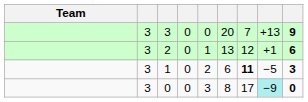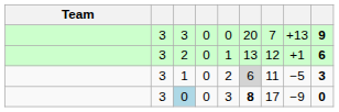 <table class="wikitable" style="text-align: center;">
 <tr>
 <th width="175">Team</th>
 <th width="20"></th>
 <th width="20"></th>
 <th width="20"></th>
 <th width="20"></th>
 <th width="20"></th>
 <th width="20"></th>
 <th width="20"></th>
 <th width="20"></th>
 </tr>
 <tr align=center bgcolor=#ccffcc>
 <td style="text-align:left;"></td>
 <td>3</td>
 <td>3</td>
 <td>0</td>
 <td>0</td>
 <td>20</td>
 <td>7</td>
 <td>+13</td>
 <td><strong>9</strong></td>
 </tr>
 <tr align=center bgcolor=#ccffcc>
 <td style="text-align:left;"></td>
 <td>3</td>
 <td>2</td>
 <td>0</td>
 <td>1</td>
 <td>13</td>
 <td>12</td>
 <td>+1</td>
 <td><strong>6</strong></td>
 </tr>
 <tr>
 <td style="text-align:left;"></td>
 <td>3</td>
 <td>1</td>
 <td>0</td>
 <td>2</td>
-<td>6</td>
-<td><strong>11</strong></td>
+<td style="background: lightgrey;">6</td>
+<td>11</td>
 <td>−5</td>
 <td><strong>3</strong></td>
 </tr>
 <tr>
 <td style="text-align:left;"></td>
 <td>3</td>
-<td>0</td>
+<td style="background: lightblue;">0</td>
 <td>0</td>
 <td>3</td>
-<td>8</td>
+<td><strong>8</strong></td>
 <td>17</td>
-<td style="background: paleturquoise;">−9</td>
+<td>−9</td>
 <td><strong>0</strong></td>
 </tr>
 </table>
